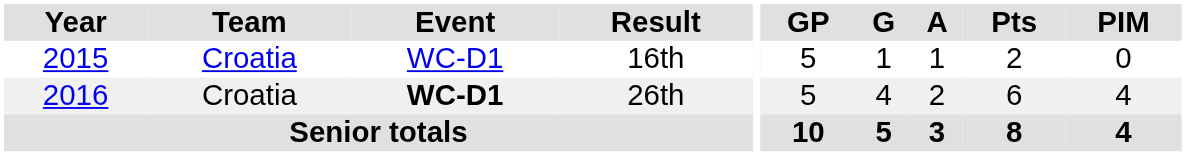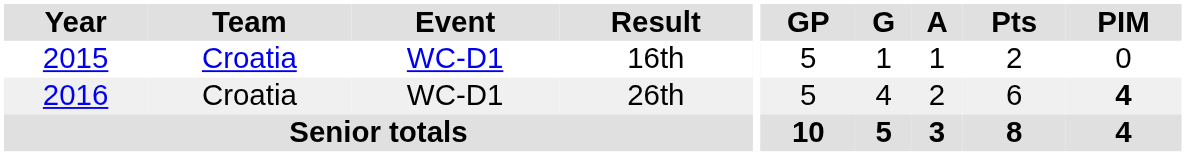 <table border="0" cellpadding="1" cellspacing="0" ID="Table3" style="text-align:center; width:40em">
 <tr ALIGN="centre" bgcolor="#e0e0e0">
 <th>Year</th>
 <th>Team</th>
 <th>Event</th>
 <th>Result</th>
 <th rowspan="99" bgcolor="#ffffff"></th>
 <th>GP</th>
 <th>G</th>
 <th>A</th>
 <th>Pts</th>
 <th>PIM</th>
 </tr>
 <tr ALIGN="centre">
 <td><a href='#'>2015</a></td>
 <td><a href='#'>Croatia</a></td>
 <td><a href='#'>WC-D1</a></td>
 <td>16th</td>
 <td>5</td>
 <td>1</td>
 <td>1</td>
 <td>2</td>
 <td>0</td>
 </tr>
 <tr ALIGN="centre" bgcolor="#f0f0f0">
 <td><a href='#'>2016</a></td>
 <td>Croatia</td>
-<td><strong>WC-D1</strong></td>
+<td>WC-D1</td>
 <td>26th</td>
 <td>5</td>
 <td>4</td>
 <td>2</td>
 <td>6</td>
-<td>4</td>
+<td><strong>4</strong></td>
 </tr>
 <tr bgcolor="#e0e0e0">
 <th colspan="4">Senior totals</th>
 <th>10</th>
 <th>5</th>
 <th>3</th>
 <th>8</th>
 <th>4</th>
 </tr>
 </table>
